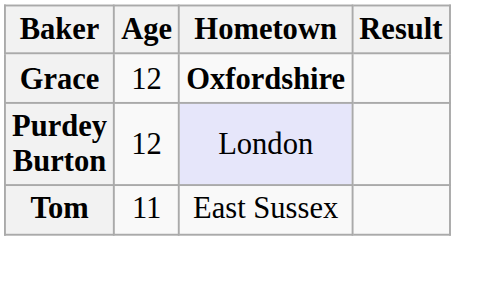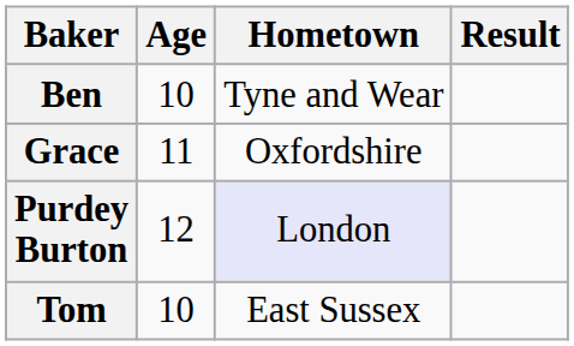 <table class="wikitable sortable" style="display:inline-table; text-align:center">
 <tr>
 <th scope="col">Baker</th>
 <th scope="col">Age</th>
 <th scope="col">Hometown</th>
 <th scope="col">Result</th>
 </tr>
 <tr>
+<th scope="row">Ben</th>
+<td>10</td>
+<td>Tyne and Wear</td>
+<td></td>
+</tr>
+<tr>
 <th scope="row">Grace</th>
-<td>12</td>
-<td><strong>Oxfordshire</strong></td>
+<td>11</td>
+<td>Oxfordshire</td>
 <td></td>
 </tr>
 <tr>
 <th scope="row">Purdey<br>Burton</th>
 <td>12</td>
 <td style="background: lavender;">London</td>
 <td></td>
 </tr>
 <tr>
 <th scope="row">Tom</th>
-<td>11</td>
+<td>10</td>
 <td>East Sussex</td>
 <td></td>
 </tr>
 </table>
